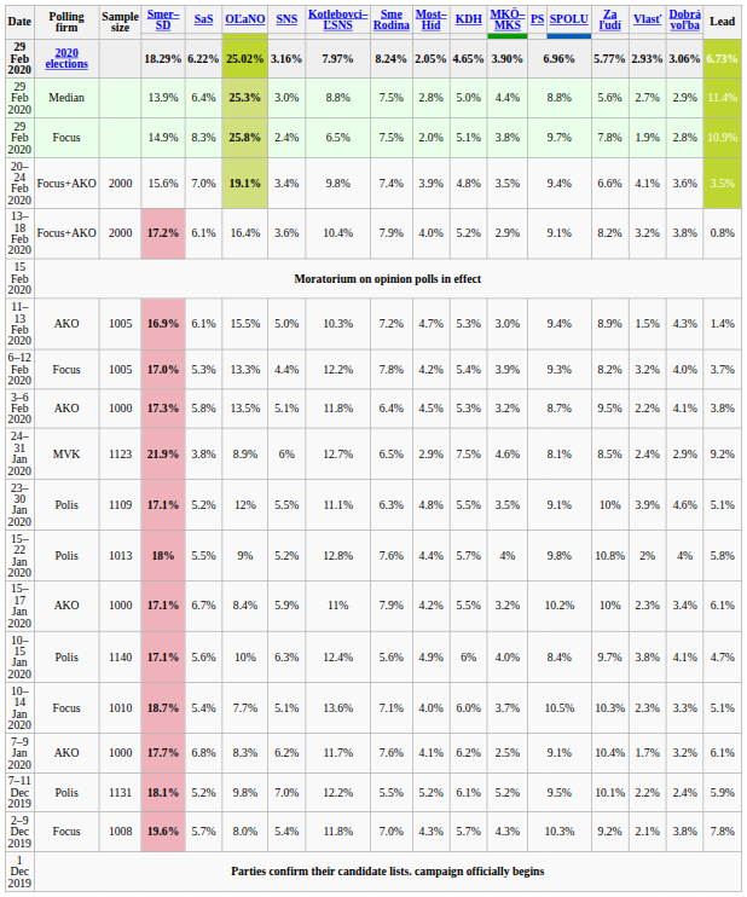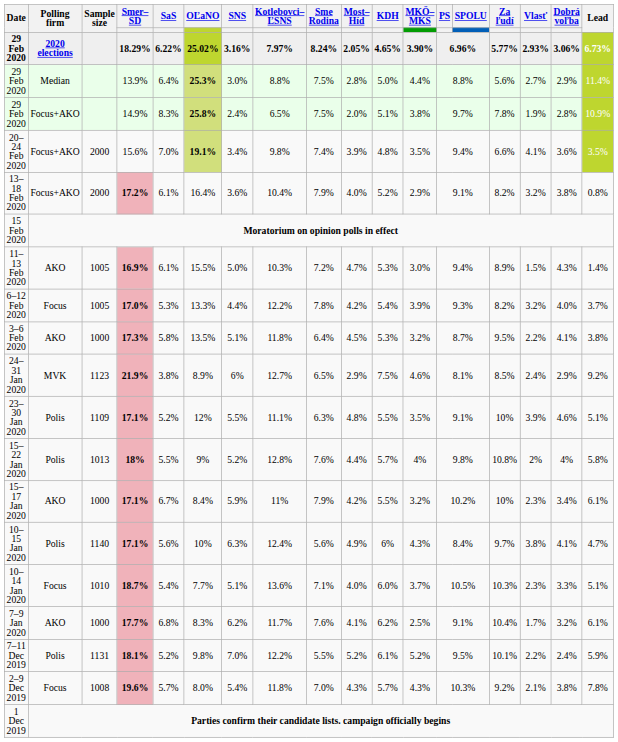 <table class="wikitable sortable nowrap mw-datatable" style="text-align:center; font-size:90%; line-height:14px;">
 <tr>
 <th rowspan="2">Date</th>
 <th rowspan="2">Polling<br>firm</th>
 <th class="unsortable" rowspan="2">Sample<br>size</th>
 <th class="unsortable"><a href='#'><span>Smer–SD</span></a></th>
 <th class="unsortable"><a href='#'><span>SaS</span></a></th>
 <th class="unsortable"><a href='#'><span>OĽaNO</span></a></th>
 <th class="unsortable"><a href='#'><span>SNS</span></a></th>
 <th class="unsortable"><a href='#'><span>Kotlebovci–ĽSNS</span></a></th>
 <th class="unsortable"><a href='#'><span>Sme Rodina</span></a></th>
 <th class="unsortable"><a href='#'><span>Most–Híd</span></a></th>
 <th class="unsortable"><a href='#'><span>KDH</span></a></th>
 <th class="unsortable"><a href='#'>MKÖ–MKS</a></th>
 <th class="unsortable"><a href='#'><span>PS</span></a></th>
 <th class="unsortable"><a href='#'><span>SPOLU</span></a></th>
 <th class="unsortable"><span><a href='#'>Za ľudí</a></span></th>
 <th class="unsortable"><span><a href='#'>Vlasť</a></span></th>
 <th class="unsortable"><span><a href='#'>Dobrá voľba</a></span></th>
 <th class="unsortable" style="width:20px;" rowspan="2">Lead</th>
 </tr>
 <tr>
 <th style="background:"></th>
 <th style="background:"></th>
 <th style="background:#BED62F; width:40px;"></th>
 <th style="background:"></th>
 <th style="background:"></th>
 <th style="background:"></th>
 <th style="background:"></th>
 <th style="background:"></th>
 <th style="background:#029C02; width:40px;"></th>
 <th style="background:"></th>
 <th style="background:#015FB8; width:40px;"></th>
 <th style="background:"></th>
 <th style="background:"></th>
 <th style="background:"></th>
 </tr>
 <tr style="background:#EFEFEF; font-weight:bold;">
 <td data-sort-value="2016-03-05">29 Feb 2020</td>
 <td><a href='#'>2020 elections</a></td>
 <td></td>
 <td>18.29%</td>
 <td>6.22%</td>
 <td style="background:#BED62F">25.02%</td>
 <td>3.16%</td>
 <td>7.97%</td>
 <td>8.24%</td>
 <td>2.05%</td>
 <td>4.65%</td>
 <td>3.90%</td>
 <td colspan=2>6.96%</td>
 <td>5.77%</td>
 <td>2.93%</td>
 <td>3.06%</td>
 <td style="background:#BED62F; color:white;">6.73%</td>
 </tr>
 <tr style="background:#EAFFEA;">
 <td>29 Feb 2020</td>
 <td>Median</td>
 <td></td>
 <td>13.9%</td>
 <td>6.4%</td>
 <td style="background:#D1DF7C"><strong>25.3%</strong></td>
 <td>3.0%</td>
 <td>8.8%</td>
 <td>7.5%</td>
 <td>2.8%</td>
 <td>5.0%</td>
 <td>4.4%</td>
 <td colspan="2">8.8%</td>
 <td>5.6%</td>
 <td>2.7%</td>
 <td>2.9%</td>
 <td style="background:#BED62F; color:white;">11.4%</td>
 </tr>
 <tr style="background:#EAFFEA;">
 <td>29 Feb 2020</td>
-<td>Focus</td>
+<td>Focus+AKO</td>
 <td></td>
 <td>14.9%</td>
 <td>8.3%</td>
 <td style="background:#D1DF7C"><strong>25.8%</strong></td>
 <td>2.4%</td>
 <td>6.5%</td>
 <td>7.5%</td>
 <td>2.0%</td>
 <td>5.1%</td>
 <td>3.8%</td>
 <td colspan="2">9.7%</td>
 <td>7.8%</td>
 <td>1.9%</td>
 <td>2.8%</td>
 <td style="background:#BED62F; color:white;">10.9%</td>
 </tr>
 <tr>
 <td>20–24 Feb 2020</td>
 <td>Focus+AKO</td>
 <td>2000</td>
 <td>15.6%</td>
 <td>7.0%</td>
 <td style="background:#D1DF7C"><strong>19.1%</strong></td>
 <td>3.4%</td>
 <td>9.8%</td>
 <td>7.4%</td>
 <td>3.9%</td>
 <td>4.8%</td>
 <td>3.5%</td>
 <td colspan="2">9.4%</td>
 <td>6.6%</td>
 <td>4.1%</td>
 <td>3.6%</td>
 <td style="background:#BED62F; color:white;">3.5%</td>
 </tr>
 <tr>
 <td>13–18 Feb 2020</td>
 <td>Focus+AKO</td>
 <td>2000</td>
 <td style="background:#F0B2BA"><strong>17.2%</strong></td>
 <td>6.1%</td>
 <td>16.4%</td>
 <td>3.6%</td>
 <td>10.4%</td>
 <td>7.9%</td>
 <td>4.0%</td>
 <td>5.2%</td>
 <td>2.9%</td>
 <td colspan="2">9.1%</td>
 <td>8.2%</td>
 <td>3.2%</td>
 <td>3.8%</td>
 <td style="background:">0.8%</td>
 </tr>
 <tr>
 <td data-sort-value="2020-15-2">15 Feb 2020</td>
 <td colspan="17"><strong>Moratorium on opinion polls in effect</strong></td>
 </tr>
 <tr>
 <td>11–13 Feb 2020</td>
 <td>AKO</td>
 <td>1005</td>
 <td style="background:#F0B2BA"><strong>16.9% </strong></td>
 <td>6.1%</td>
 <td>15.5%</td>
 <td>5.0%</td>
 <td>10.3%</td>
 <td>7.2%</td>
 <td>4.7%</td>
 <td>5.3%</td>
 <td>3.0%</td>
 <td colspan="2">9.4%</td>
 <td>8.9%</td>
 <td>1.5%</td>
 <td>4.3%</td>
 <td style="background:">1.4%</td>
 </tr>
 <tr>
 <td>6–12 Feb 2020</td>
 <td>Focus</td>
 <td>1005</td>
 <td style="background:#F0B2BA"><strong>17.0%</strong></td>
 <td>5.3%</td>
 <td>13.3%</td>
 <td>4.4%</td>
 <td>12.2%</td>
 <td>7.8%</td>
 <td>4.2%</td>
 <td>5.4%</td>
 <td>3.9%</td>
 <td colspan="2">9.3%</td>
 <td>8.2%</td>
 <td>3.2%</td>
 <td>4.0%</td>
 <td style="background:">3.7%</td>
 </tr>
 <tr>
 <td>3–6 Feb 2020</td>
 <td>AKO</td>
 <td>1000</td>
 <td style="background:#F0B2BA"><strong>17.3%</strong></td>
 <td>5.8%</td>
 <td>13.5%</td>
 <td>5.1%</td>
 <td>11.8%</td>
 <td>6.4%</td>
 <td>4.5%</td>
 <td>5.3%</td>
 <td>3.2%</td>
 <td colspan="2">8.7%</td>
 <td>9.5%</td>
 <td>2.2%</td>
 <td>4.1%</td>
 <td style="background:">3.8%</td>
 </tr>
 <tr>
 <td>24–31 Jan 2020</td>
 <td>MVK</td>
 <td>1123</td>
 <td style="background:#F0B2BA"><strong>21.9%</strong></td>
 <td>3.8%</td>
 <td>8.9%</td>
 <td>6%</td>
 <td>12.7%</td>
 <td>6.5%</td>
 <td>2.9%</td>
 <td>7.5%</td>
 <td>4.6%</td>
 <td colspan="2">8.1%</td>
 <td>8.5%</td>
 <td>2.4%</td>
 <td>2.9%</td>
 <td style="background:">9.2%</td>
 </tr>
 <tr>
 <td>23–30 Jan 2020</td>
 <td>Polis</td>
 <td>1109</td>
 <td style="background:#F0B2BA"><strong>17.1%</strong></td>
 <td>5.2%</td>
 <td>12%</td>
 <td>5.5%</td>
 <td>11.1%</td>
 <td>6.3%</td>
 <td>4.8%</td>
 <td>5.5%</td>
 <td>3.5%</td>
 <td colspan="2">9.1%</td>
 <td>10%</td>
 <td>3.9%</td>
 <td>4.6%</td>
 <td style="background:">5.1%</td>
 </tr>
 <tr>
 <td>15–22 Jan 2020</td>
 <td>Polis</td>
 <td>1013</td>
 <td style="background:#F0B2BA"><strong>18%</strong></td>
 <td>5.5%</td>
 <td>9%</td>
 <td>5.2%</td>
 <td>12.8%</td>
 <td>7.6%</td>
 <td>4.4%</td>
 <td>5.7%</td>
 <td>4%</td>
 <td colspan="2">9.8%</td>
 <td>10.8%</td>
 <td>2%</td>
 <td>4%</td>
 <td style="background:">5.8%</td>
 </tr>
 <tr>
 <td>15–17 Jan 2020</td>
 <td>AKO</td>
 <td>1000</td>
 <td style="background:#F0B2BA"><strong>17.1%</strong></td>
 <td>6.7%</td>
 <td>8.4%</td>
 <td>5.9%</td>
 <td>11%</td>
 <td>7.9%</td>
 <td>4.2%</td>
 <td>5.5%</td>
 <td>3.2%</td>
 <td colspan="2">10.2%</td>
 <td>10%</td>
 <td>2.3%</td>
 <td>3.4%</td>
 <td style="background:">6.1%</td>
 </tr>
 <tr>
 <td>10–15 Jan 2020</td>
 <td>Polis</td>
 <td>1140</td>
 <td style="background:#F0B2BA"><strong>17.1%</strong></td>
 <td>5.6%</td>
 <td>10%</td>
 <td>6.3%</td>
 <td>12.4%</td>
 <td>5.6%</td>
 <td>4.9%</td>
 <td>6%</td>
-<td>4.0%</td>
+<td>4.3%</td>
 <td colspan="2">8.4%</td>
 <td>9.7%</td>
 <td>3.8%</td>
 <td>4.1%</td>
 <td style="background:">4.7%</td>
 </tr>
 <tr>
 <td>10–14 Jan 2020</td>
 <td>Focus</td>
 <td>1010</td>
 <td style="background:#F0B2BA"><strong>18.7%</strong></td>
 <td>5.4%</td>
 <td>7.7%</td>
 <td>5.1%</td>
 <td>13.6%</td>
 <td>7.1%</td>
 <td>4.0%</td>
 <td>6.0%</td>
 <td>3.7%</td>
 <td colspan="2">10.5%</td>
 <td>10.3%</td>
 <td>2.3%</td>
 <td>3.3%</td>
 <td style="background:">5.1%</td>
 </tr>
 <tr>
 <td>7–9 Jan 2020</td>
 <td>AKO</td>
 <td>1000</td>
 <td style="background:#F0B2BA"><strong>17.7%</strong></td>
 <td>6.8%</td>
 <td>8.3%</td>
 <td>6.2%</td>
 <td>11.7%</td>
 <td>7.6%</td>
 <td>4.1%</td>
 <td>6.2%</td>
 <td>2.5%</td>
 <td colspan="2">9.1%</td>
 <td>10.4%</td>
 <td>1.7%</td>
 <td>3.2%</td>
 <td style="background:">6.1%</td>
 </tr>
 <tr>
 <td>7–11 Dec 2019</td>
 <td>Polis</td>
 <td>1131</td>
 <td style="background:#F0B2BA"><strong>18.1%</strong></td>
 <td>5.2%</td>
 <td>9.8%</td>
 <td>7.0%</td>
 <td>12.2%</td>
 <td>5.5%</td>
 <td>5.2%</td>
 <td>6.1%</td>
 <td>5.2%</td>
 <td colspan="2">9.5%</td>
 <td>10.1%</td>
 <td>2.2%</td>
 <td>2.4%</td>
 <td style="background:">5.9%</td>
 </tr>
 <tr>
 <td>2–9 Dec 2019</td>
 <td>Focus</td>
 <td>1008</td>
 <td style="background:#F0B2BA"><strong>19.6%</strong></td>
 <td>5.7%</td>
 <td>8.0%</td>
 <td>5.4%</td>
 <td>11.8%</td>
 <td>7.0%</td>
 <td>4.3%</td>
 <td>5.7%</td>
 <td>4.3%</td>
 <td colspan="2">10.3%</td>
 <td>9.2%</td>
 <td>2.1%</td>
 <td>3.8%</td>
 <td style="background:">7.8%</td>
 </tr>
 <tr>
 <td data-sort-value="2019-12-1">1 Dec 2019</td>
 <td colspan="17"><strong>Parties confirm their candidate lists. campaign officially begins</strong></td>
 </tr>
 </table>
